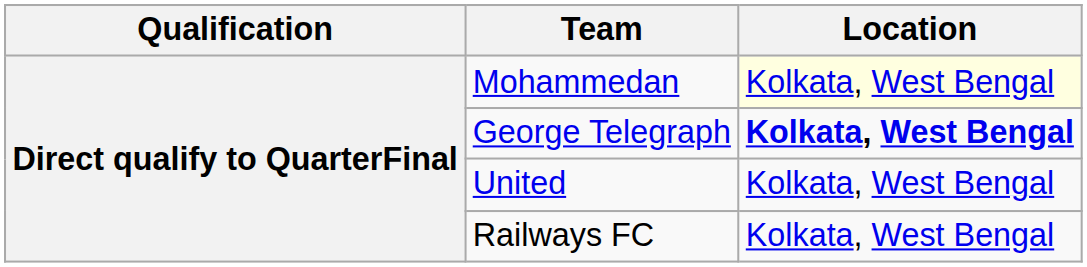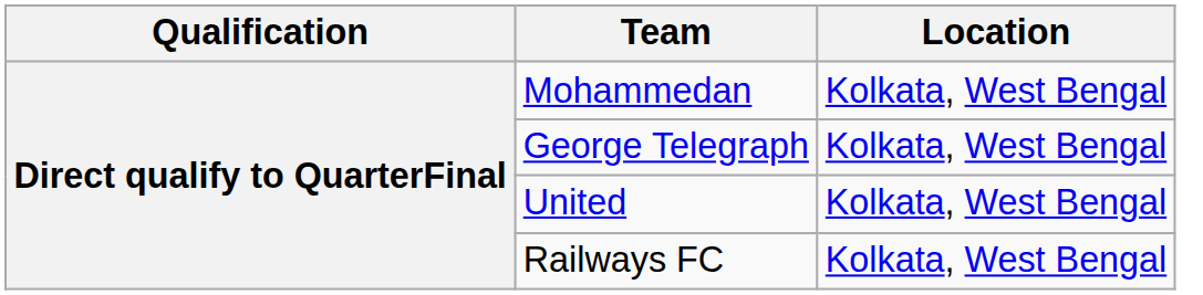 <table class="wikitable" style="text-align:centre">
 <tr>
 <th>Qualification</th>
 <th>Team</th>
 <th>Location</th>
 </tr>
 <tr>
 <th rowspan="4">Direct qualify to QuarterFinal</th>
 <td><a href='#'>Mohammedan</a></td>
-<td style="background: lightyellow;"><a href='#'>Kolkata</a>, <a href='#'>West Bengal</a></td>
+<td><a href='#'>Kolkata</a>, <a href='#'>West Bengal</a></td>
 </tr>
 <tr>
 <td><a href='#'>George Telegraph</a></td>
-<td><strong><a href='#'>Kolkata</a>, <a href='#'>West Bengal</a></strong></td>
+<td><a href='#'>Kolkata</a>, <a href='#'>West Bengal</a></td>
 </tr>
 <tr>
 <td><a href='#'>United</a></td>
 <td><a href='#'>Kolkata</a>, <a href='#'>West Bengal</a></td>
 </tr>
 <tr>
 <td>Railways FC</td>
 <td><a href='#'>Kolkata</a>, <a href='#'>West Bengal</a></td>
 </tr>
 </table>
